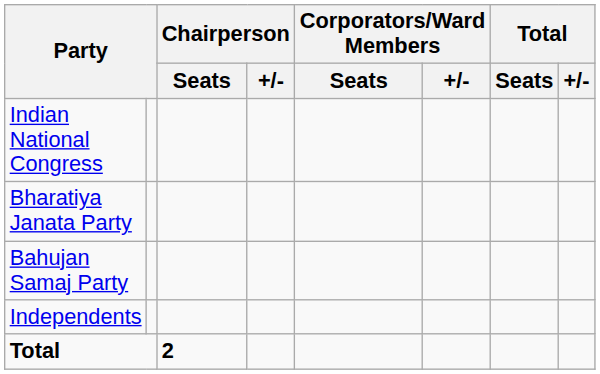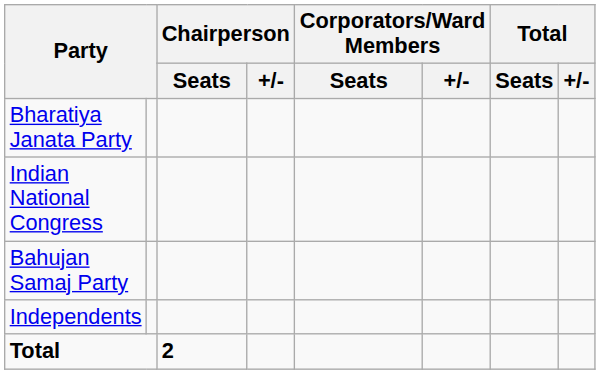 <table width="40%" cellpadding="2" cellspacing="0" border="1" style="border-collapse: collapse; border: 2px black; font-size: x-big; font-family: arial" class="wikitable sortable">
 <tr>
 <th rowspan=2; colspan=2>Party</th>
 <th colspan=2>Chairperson</th>
 <th colspan=2>Corporators/Ward Members</th>
 <th colspan=2>Total</th>
 </tr>
 <tr>
 <th>Seats</th>
 <th>+/-</th>
 <th>Seats</th>
 <th>+/-</th>
 <th>Seats</th>
 <th>+/-</th>
 </tr>
 <tr>
-<td><a href='#'>Indian National Congress</a></td>
+<td><a href='#'>Bharatiya Janata Party</a></td>
 <td width="4px" style="background-color: "></td>
 <td></td>
 <td></td>
 <td></td>
 <td></td>
 <td></td>
 <td></td>
 </tr>
 <tr>
-<td><a href='#'>Bharatiya Janata Party</a></td>
+<td><a href='#'>Indian National Congress</a></td>
 <td width="4px" style="background-color: "></td>
 <td></td>
 <td></td>
 <td></td>
 <td></td>
 <td></td>
 <td></td>
 </tr>
 <tr>
 <td><a href='#'>Bahujan Samaj Party</a></td>
 <td width="4px" style="background-color: "></td>
 <td></td>
 <td></td>
 <td></td>
 <td></td>
 <td></td>
 <td></td>
 </tr>
 <tr>
 <td><a href='#'>Independents</a></td>
 <td width="4px" style="background-color: "></td>
 <td></td>
 <td></td>
 <td></td>
 <td></td>
 <td></td>
 <td></td>
 </tr>
 <tr>
 <td colspan=2><strong>Total</strong></td>
 <td><strong>2</strong></td>
 <td></td>
 <td></td>
 <td></td>
 <td></td>
 <td></td>
 </tr>
 </table>
